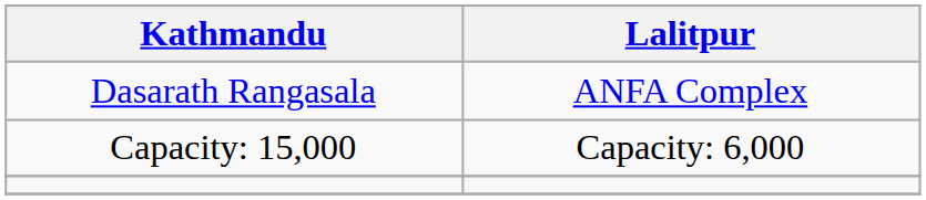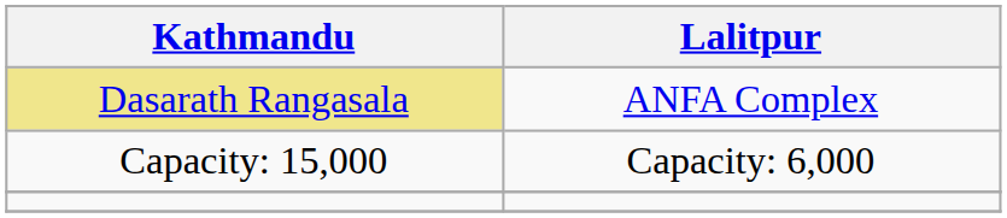 <table class="wikitable" style="text-align:center;margin:1em auto;">
 <tr>
 <th style="width:33%;"><a href='#'>Kathmandu</a></th>
 <th style="width:33%;"><a href='#'>Lalitpur</a></th>
 </tr>
 <tr>
-<td><a href='#'>Dasarath Rangasala</a></td>
+<td style="background: khaki;"><a href='#'>Dasarath Rangasala</a></td>
 <td><a href='#'>ANFA Complex</a></td>
 </tr>
 <tr>
 <td>Capacity: 15,000</td>
 <td>Capacity: 6,000</td>
 </tr>
 <tr>
 </tr>
 <tr>
 <td></td>
 <td></td>
 </tr>
 <tr>
 </tr>
 </table>
